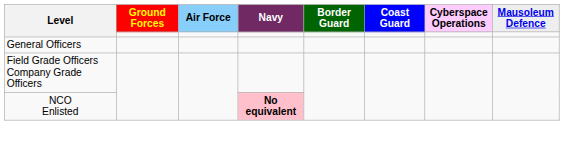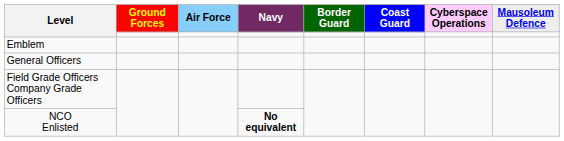 <table class="wikitable">
 <tr>
 <th rowspan=2 width="200">Level</th>
 <th style="color:yellow; background-color:red;" width="100">Ground Forces</th>
 <th style="color:black; background-color:#87CEFA;" width="100">Air Force</th>
 <th style="color:white; background-color:#702963;" width="100">Navy</th>
 <th style="color:white; background-color:#006400;" width="100">Border Guard</th>
 <th style="color:white; background-color:blue;" width="100">Coast Guard</th>
 <th width="100" style="color:black; background-color:#FFCCFF;">Cyberspace Operations</th>
 <th width="100" style="color:black; background-color:#EEEEEE;"><a href='#'>Mausoleum Defence</a></th>
 </tr>
 <tr>
+<td></td>
+<td></td>
+<td></td>
+<td></td>
+<td></td>
+<td></td>
+<td></td>
+</tr>
+<tr>
+<td>Emblem</td>
 <td></td>
 <td></td>
 <td></td>
 <td></td>
 <td></td>
 <td></td>
 <td></td>
 </tr>
 <tr>
 <td>General Officers</td>
 <td></td>
 <td></td>
 <td></td>
 <td></td>
 <td></td>
 <td></td>
 <td></td>
 </tr>
 <tr>
 <td>Field Grade Officers<br>Company Grade Officers</td>
 <td rowspan=2></td>
 <td rowspan=2></td>
 <td></td>
 <td rowspan=2></td>
 <td rowspan=2></td>
 <td rowspan=2></td>
 <td rowspan=2></td>
 </tr>
 <tr style="text-align:center">
 <td>NCO<br>Enlisted</td>
-<td style="background: pink;"><strong>No equivalent</strong></td>
+<td><strong>No equivalent</strong></td>
 </tr>
 </table>
